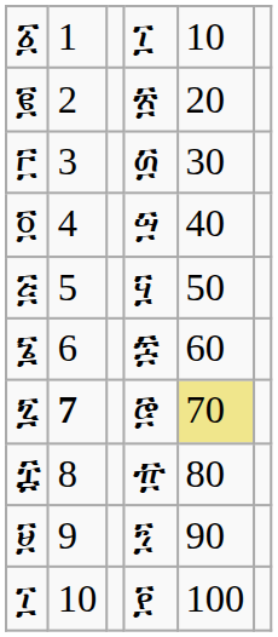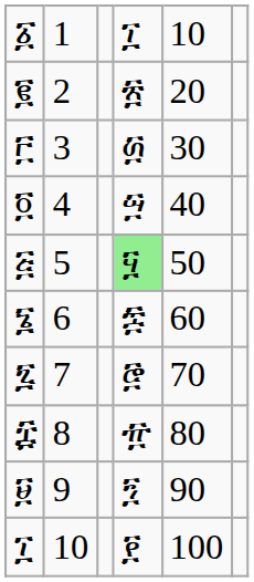 <table class=wikitable>
 <tr>
 <td>፩</td>
 <td>1</td>
 <td></td>
 <td>፲</td>
 <td>10</td>
 <td></td>
 </tr>
 <tr>
 <td>፪</td>
 <td>2</td>
 <td></td>
 <td>፳</td>
 <td>20</td>
 <td></td>
 </tr>
 <tr>
 <td>፫</td>
 <td>3</td>
 <td></td>
 <td>፴</td>
 <td>30</td>
 <td></td>
 </tr>
 <tr>
 <td>፬</td>
 <td>4</td>
 <td></td>
 <td>፵</td>
 <td>40</td>
 <td></td>
 </tr>
 <tr>
 <td>፭</td>
 <td>5</td>
 <td></td>
-<td>፶</td>
+<td style="background: lightgreen;">፶</td>
 <td>50</td>
 <td></td>
 </tr>
 <tr>
 <td>፮</td>
 <td>6</td>
 <td></td>
 <td>፷</td>
 <td>60</td>
 <td></td>
 </tr>
 <tr>
 <td>፯</td>
-<td><strong>7</strong></td>
+<td>7</td>
 <td></td>
 <td>፸</td>
-<td style="background: khaki;">70</td>
+<td>70</td>
 <td></td>
 </tr>
 <tr>
 <td>፰</td>
 <td>8</td>
 <td></td>
 <td>፹</td>
 <td>80</td>
 <td></td>
 </tr>
 <tr>
 <td>፱</td>
 <td>9</td>
 <td></td>
 <td>፺</td>
 <td>90</td>
 <td></td>
 </tr>
 <tr>
 <td>፲</td>
 <td>10</td>
 <td></td>
 <td>፻</td>
 <td>100</td>
 <td></td>
 </tr>
 </table>
